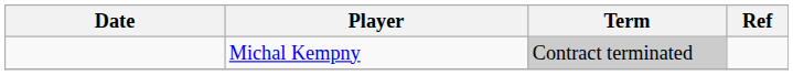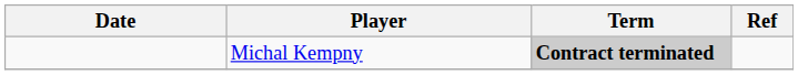 <table class="wikitable" width=100%>
 <tr bgcolor="#dddddd">
 <th style="width: 10em;">Date</th>
 <th style="width: 14em;">Player</th>
 <th style="width: 9em;">Term</th>
 <th style="width: 2.5em;">Ref</th>
 </tr>
 <tr>
 <td></td>
 <td><a href='#'>Michal Kempny</a></td>
-<td style="background:#ccc;">Contract terminated</td>
+<td style="background:#ccc;"><strong>Contract terminated</strong></td>
 <td></td>
 </tr>
 <tr>
 </tr>
 </table>
